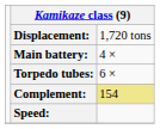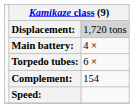 <table class="wikitable plainrowheaders" style="text-align:left">
 <tr valign="bottom">
 <td rowspan=6 style="text-align:center"></td>
 <th colspan=2 style="text-align:center"><a href='#'><em>Kamikaze</em> class</a> (9)</th>
 </tr>
 <tr>
 <th style="text-align:left">Displacement:</th>
-<td>1,720 tons</td>
+<td style="background: lightgrey;">1,720 tons</td>
 </tr>
 <tr>
 <th style="text-align:left">Main battery:</th>
 <td>4 × </td>
 </tr>
 <tr>
 <th style="text-align:left">Torpedo tubes:</th>
 <td>6 × </td>
 </tr>
 <tr>
 <th style="text-align:left">Complement:</th>
-<td style="background: khaki;">154</td>
+<td>154</td>
 </tr>
 <tr>
 <th style="text-align:left">Speed:</th>
 <td></td>
 </tr>
 <tr>
 </tr>
 </table>
